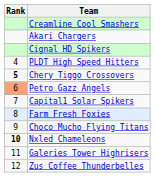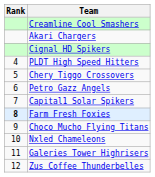 <table class="wikitable" style="text-align:center">
 <tr>
 <th>Rank</th>
 <th>Team</th>
 </tr>
 <tr bgcolor=#ccffcc>
 <td></td>
 <td style="text-align:left"><a href='#'>Creamline Cool Smashers</a></td>
 </tr>
 <tr>
 <td></td>
 <td style="text-align:left"><a href='#'>Akari Chargers</a></td>
 </tr>
 <tr bgcolor=#ccffcc>
 <td></td>
 <td style="text-align:left"><a href='#'>Cignal HD Spikers</a></td>
 </tr>
 <tr>
 <td>4</td>
 <td style="text-align:left"><a href='#'>PLDT High Speed Hitters</a></td>
 </tr>
 <tr>
-<td><strong>5</strong></td>
+<td>5</td>
 <td style="text-align:left"><a href='#'>Chery Tiggo Crossovers</a></td>
 </tr>
 <tr>
-<td style="background: lightsalmon;">6</td>
+<td>6</td>
 <td style="text-align:left"><a href='#'>Petro Gazz Angels</a></td>
 </tr>
 <tr>
 <td>7</td>
 <td style="text-align:left"><a href='#'>Capital1 Solar Spikers</a></td>
 </tr>
 <tr bgcolor=#dfefff>
-<td>8</td>
+<td><strong>8</strong></td>
 <td style="text-align:left"><a href='#'>Farm Fresh Foxies</a></td>
 </tr>
 <tr>
 <td>9</td>
 <td style="text-align:left"><a href='#'>Choco Mucho Flying Titans</a></td>
 </tr>
 <tr>
-<td><strong>10</strong></td>
+<td>10</td>
 <td style="text-align:left"><a href='#'>Nxled Chameleons</a></td>
 </tr>
 <tr>
 <td>11</td>
 <td style="text-align:left"><a href='#'>Galeries Tower Highrisers</a></td>
 </tr>
 <tr>
 <td>12</td>
 <td style="text-align:left"><a href='#'>Zus Coffee Thunderbelles</a></td>
 </tr>
 </table>
